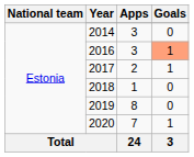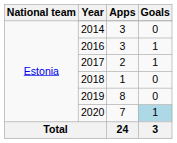 <table class=wikitable style="text-align: center">
 <tr>
 <th>National team</th>
 <th>Year</th>
 <th>Apps</th>
 <th>Goals</th>
 </tr>
 <tr>
 <td rowspan=7><a href='#'>Estonia</a></td>
 </tr>
 <tr>
 <td>2014</td>
 <td>3</td>
 <td>0</td>
 </tr>
 <tr>
 <td>2016</td>
 <td>3</td>
-<td style="background: lightsalmon;">1</td>
+<td>1</td>
 </tr>
 <tr>
 <td>2017</td>
 <td>2</td>
 <td>1</td>
 </tr>
 <tr>
 <td>2018</td>
 <td>1</td>
 <td>0</td>
 </tr>
 <tr>
 <td>2019</td>
 <td>8</td>
 <td>0</td>
 </tr>
 <tr>
 <td>2020</td>
 <td>7</td>
-<td>1</td>
+<td style="background: lightblue;">1</td>
 </tr>
 <tr>
 <th colspan=2>Total</th>
 <th>24</th>
 <th>3</th>
 </tr>
 </table>
